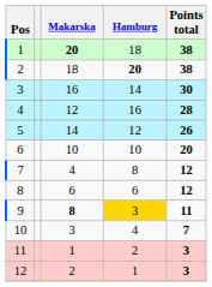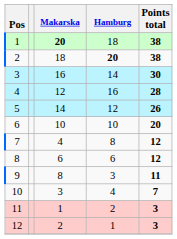 <table class="wikitable" style="text-align:center;">
 <tr>
 <th style="width:1.8em;"><br>Pos</th>
 <th></th>
 <th style="width:5.2em;;font-size:85%;vertical-align:top;padding-left:4px;;padding-right:4px;;"><br><a href='#'>Makarska</a></th>
 <th style="width:5.2em;;font-size:85%;vertical-align:top;padding-left:4px;;padding-right:4px;;"><br><a href='#'>Hamburg</a></th>
 <th>Points<br>total</th>
 </tr>
 <tr bgcolor="ccffcc">
 <td style="border-left:3px solid #06f;">1</td>
 <td align="left"></td>
 <td><strong>20</strong></td>
 <td>18</td>
 <td><strong>38</strong></td>
 </tr>
 <tr>
 <td style="border-left:3px solid #06f;">2</td>
 <td align="left"></td>
 <td>18</td>
 <td><strong>20</strong></td>
 <td><strong>38</strong></td>
 </tr>
 <tr bgcolor="#bbf3ff">
 <td>3</td>
 <td align="left"></td>
 <td>16</td>
 <td>14</td>
 <td><strong>30</strong></td>
 </tr>
 <tr bgcolor="#bbf3ff">
 <td>4</td>
 <td align="left"></td>
 <td>12</td>
 <td>16</td>
 <td><strong>28</strong></td>
 </tr>
 <tr bgcolor="#bbf3ff">
 <td>5</td>
 <td align="left"></td>
 <td>14</td>
 <td>12</td>
 <td><strong>26</strong></td>
 </tr>
 <tr>
 <td>6</td>
 <td align="left"></td>
 <td>10</td>
 <td>10</td>
 <td><strong>20</strong></td>
 </tr>
 <tr>
 <td style="border-left:3px solid #06f;">7</td>
 <td align="left"></td>
 <td>4</td>
 <td>8</td>
 <td><strong>12</strong></td>
 </tr>
 <tr>
 <td>8</td>
 <td align="left"></td>
 <td>6</td>
 <td>6</td>
 <td><strong>12</strong></td>
 </tr>
 <tr>
 <td style="border-left:3px solid #06f;">9</td>
 <td align="left"></td>
-<td><strong>8</strong></td>
-<td style="background: gold;">3</td>
+<td>8</td>
+<td>3</td>
 <td><strong>11</strong></td>
 </tr>
 <tr>
 <td>10</td>
 <td align="left"></td>
 <td>3</td>
 <td>4</td>
 <td><strong>7</strong></td>
 </tr>
 <tr bgcolor="ffcccc">
 <td>11</td>
 <td align="left"></td>
 <td>1</td>
 <td>2</td>
 <td><strong>3</strong></td>
 </tr>
 <tr bgcolor="ffcccc">
 <td>12</td>
 <td align="left"></td>
 <td>2</td>
 <td>1</td>
 <td><strong>3</strong></td>
 </tr>
 <tr>
 </tr>
 </table>
